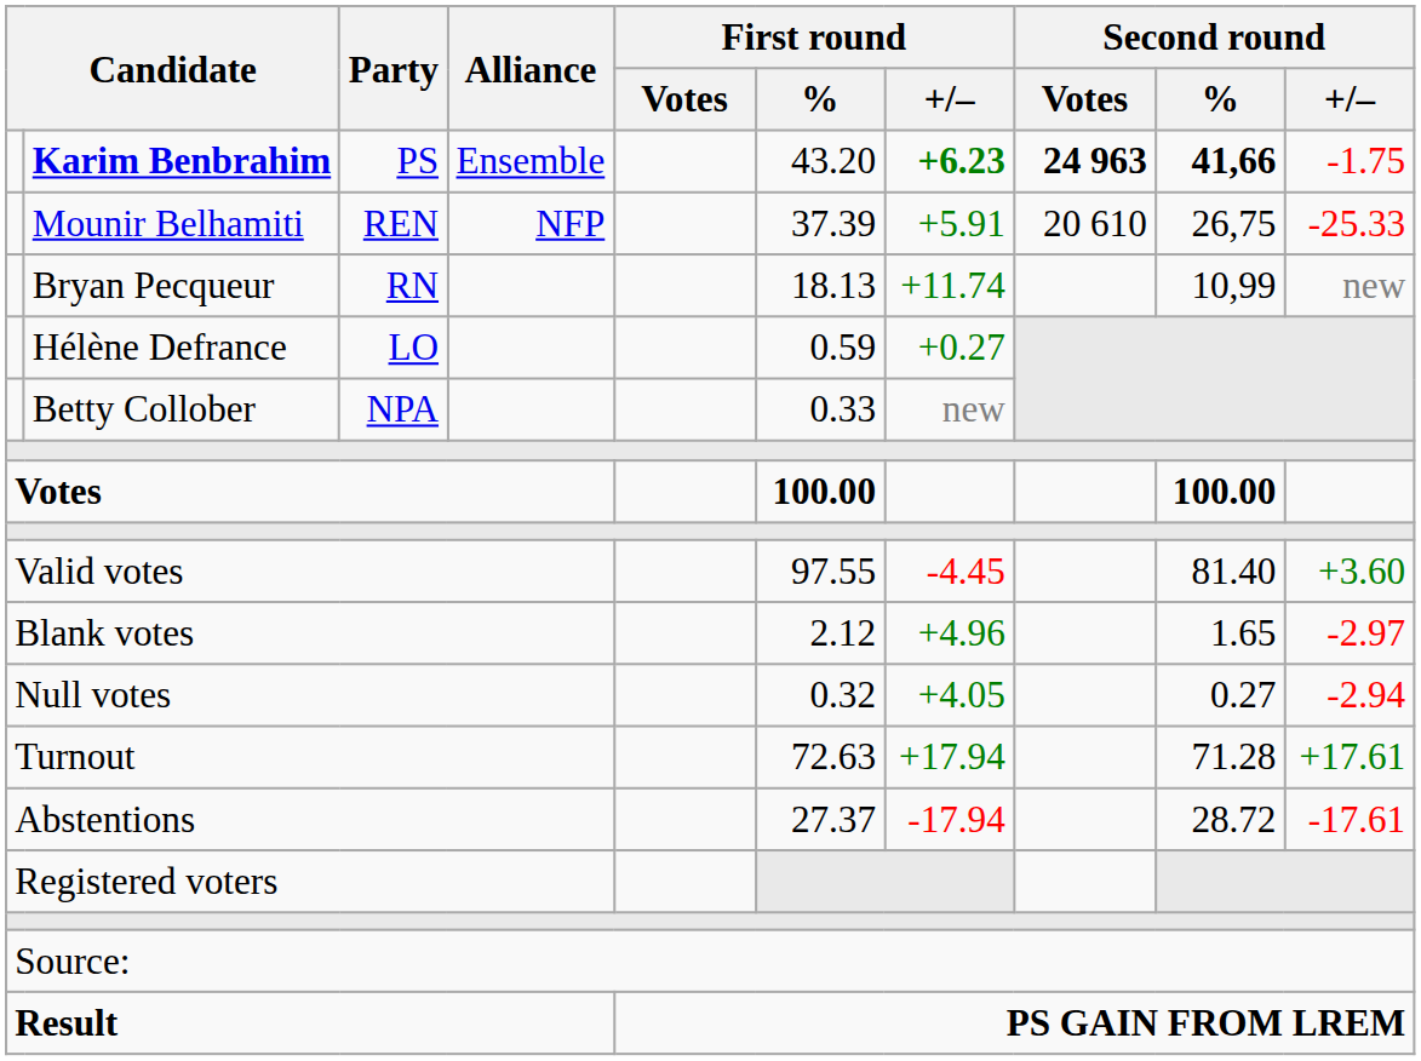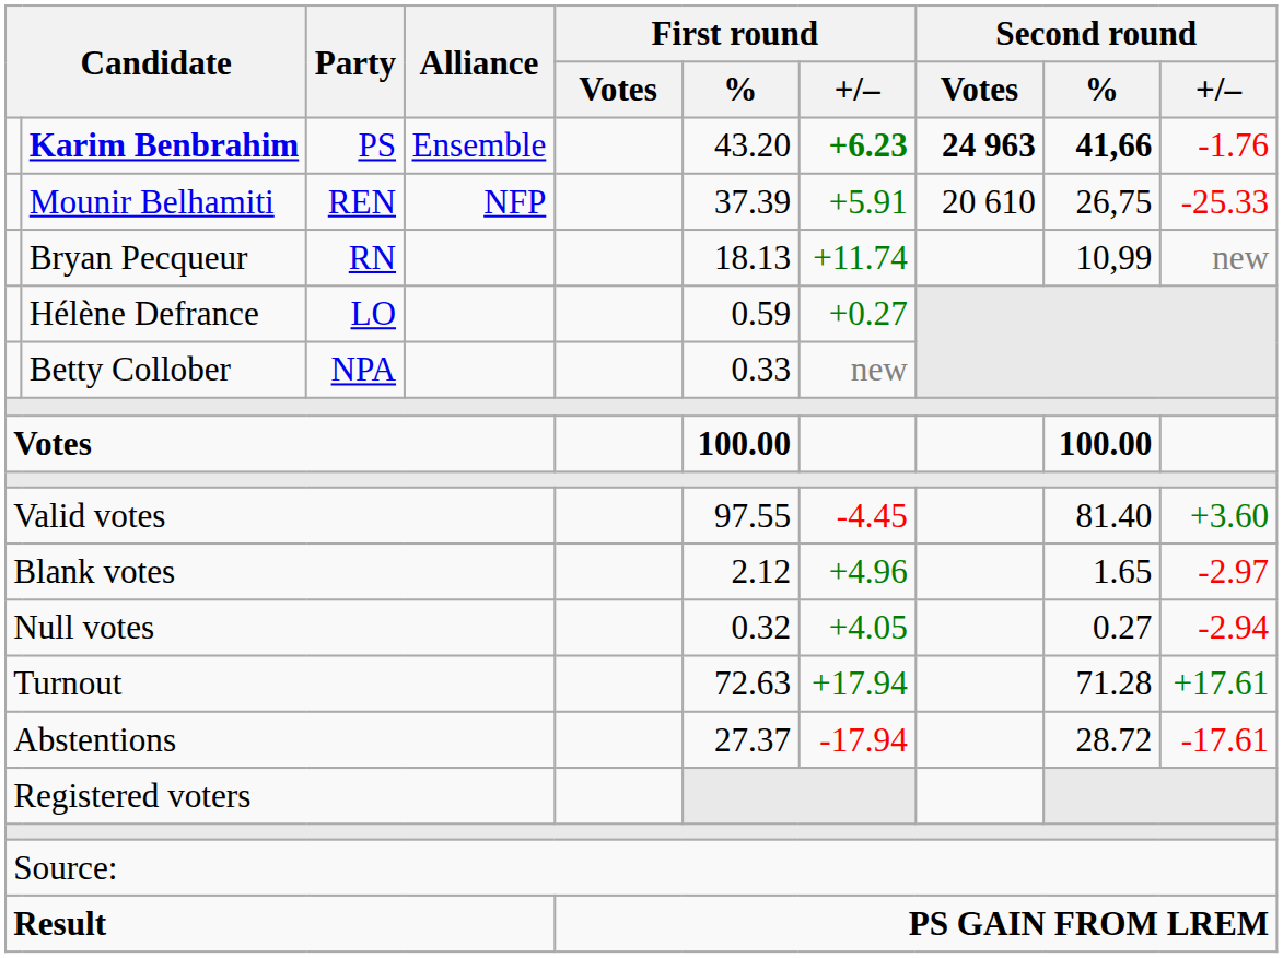 <table class="wikitable" style="text-align:right;font-size:95%;">
 <tr>
 <th rowspan="2" colspan="2">Candidate</th>
 <th colspan="1" rowspan="2">Party</th>
 <th colspan="1" rowspan="2">Alliance</th>
 <th colspan="3">First round</th>
 <th colspan="3">Second round</th>
 </tr>
 <tr>
 <th style="width:50px;">Votes</th>
 <th style="width:45px;">%</th>
 <th style="width:45px;">+/–</th>
 <th style="width:50px;">Votes</th>
 <th style="width:45px;">%</th>
 <th style="width:45px;">+/–</th>
 </tr>
 <tr>
 <td style="color:inherit;background:"></td>
 <td style="text-align:left;"><strong><a href='#'>Karim Benbrahim</a></strong></td>
 <td><a href='#'>PS</a></td>
 <td><a href='#'>Ensemble</a></td>
 <td></td>
 <td>43.20</td>
 <td style="color:green;"><strong>+6.23</strong></td>
 <td><strong>24 963</strong></td>
 <td><strong>41,66</strong></td>
-<td style="color:red;">-1.75</td>
+<td style="color:red;">-1.76</td>
 </tr>
 <tr>
 <td style="color:inherit;background:"></td>
 <td style="text-align:left;"><a href='#'>Mounir Belhamiti</a></td>
 <td><a href='#'>REN</a></td>
 <td><a href='#'>NFP</a></td>
 <td></td>
 <td>37.39</td>
 <td style="color:green;">+5.91</td>
 <td>20 610</td>
 <td>26,75</td>
 <td style="color:red;">-25.33</td>
 </tr>
 <tr>
 <td style="color:inherit;background:"></td>
 <td style="text-align:left;">Bryan Pecqueur</td>
 <td><a href='#'>RN</a></td>
 <td></td>
 <td></td>
 <td>18.13</td>
 <td style="color:green;">+11.74</td>
 <td></td>
 <td>10,99</td>
 <td style="color:grey;">new</td>
 </tr>
 <tr>
 <td style="color:inherit;background:"></td>
 <td style="text-align:left;">Hélène Defrance</td>
 <td><a href='#'>LO</a></td>
 <td></td>
 <td></td>
 <td>0.59</td>
 <td style="color:green;">+0.27</td>
 <td colspan="3" rowspan="2" style="background:#E9E9E9;"></td>
 </tr>
 <tr>
 <td style="color:inherit;background:"></td>
 <td style="text-align:left;">Betty Collober</td>
 <td><a href='#'>NPA</a></td>
 <td></td>
 <td></td>
 <td>0.33</td>
 <td style="color:grey;">new</td>
 </tr>
 <tr>
 <td colspan="10" style="background:#E9E9E9;"></td>
 </tr>
 <tr style="font-weight:bold;">
 <td colspan="4" style="text-align:left;">Votes</td>
 <td></td>
 <td>100.00</td>
 <td></td>
 <td></td>
 <td>100.00</td>
 <td></td>
 </tr>
 <tr>
 <td colspan="10" style="background:#E9E9E9;"></td>
 </tr>
 <tr>
 <td colspan="4" style="text-align:left;">Valid votes</td>
 <td></td>
 <td>97.55</td>
 <td style="color:red;">-4.45</td>
 <td></td>
 <td>81.40</td>
 <td style="color:green;">+3.60</td>
 </tr>
 <tr>
 <td colspan="4" style="text-align:left;">Blank votes</td>
 <td></td>
 <td>2.12</td>
 <td style="color:green;">+4.96</td>
 <td></td>
 <td>1.65</td>
 <td style="color:red;">-2.97</td>
 </tr>
 <tr>
 <td colspan="4" style="text-align:left;">Null votes</td>
 <td></td>
 <td>0.32</td>
 <td style="color:green;">+4.05</td>
 <td></td>
 <td>0.27</td>
 <td style="color:red;">-2.94</td>
 </tr>
 <tr>
 <td colspan="4" style="text-align:left;">Turnout</td>
 <td></td>
 <td>72.63</td>
 <td style="color:green;">+17.94</td>
 <td></td>
 <td>71.28</td>
 <td style="color:green;">+17.61</td>
 </tr>
 <tr>
 <td colspan="4" style="text-align:left;">Abstentions</td>
 <td></td>
 <td>27.37</td>
 <td style="color:red;">-17.94</td>
 <td></td>
 <td>28.72</td>
 <td style="color:red;">-17.61</td>
 </tr>
 <tr>
 <td colspan="4" style="text-align:left;">Registered voters</td>
 <td></td>
 <td colspan="2" style="background:#E9E9E9;"></td>
 <td></td>
 <td colspan="2" style="background:#E9E9E9;"></td>
 </tr>
 <tr>
 <td colspan="10" style="background:#E9E9E9;"></td>
 </tr>
 <tr>
 <td colspan="10" style="text-align:left;">Source: </td>
 </tr>
 <tr style="font-weight:bold">
 <td colspan="4" style="text-align:left;">Result</td>
 <td colspan="6" style="background-color:">PS GAIN FROM LREM</td>
 </tr>
 </table>
